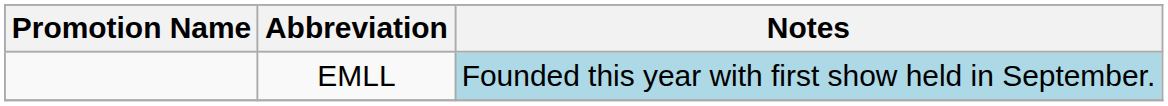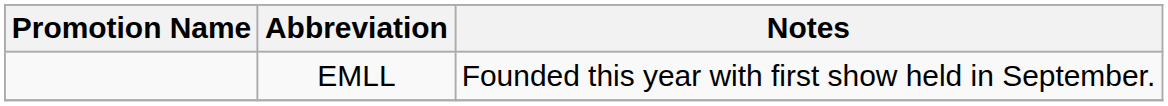 <table class="wikitable">
 <tr>
 <th>Promotion Name</th>
 <th>Abbreviation</th>
 <th>Notes</th>
 </tr>
 <tr>
 <td></td>
 <td align=center>EMLL</td>
-<td style="background: lightblue;">Founded this year with first show held in September.</td>
+<td>Founded this year with first show held in September.</td>
 </tr>
 <tr>
 </tr>
 </table>
